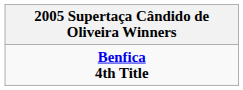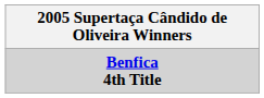 <table class="wikitable" style="text-align: center; margin: 0 auto; width: 20%">
 <tr>
 <th>2005 Supertaça Cândido de Oliveira Winners</th>
 </tr>
 <tr>
-<td><strong><a href='#'>Benfica</a></strong><br><strong>4th Title</strong></td>
+<td style="background: lightgrey;"><strong><a href='#'>Benfica</a></strong><br><strong>4th Title</strong></td>
 </tr>
 </table>
